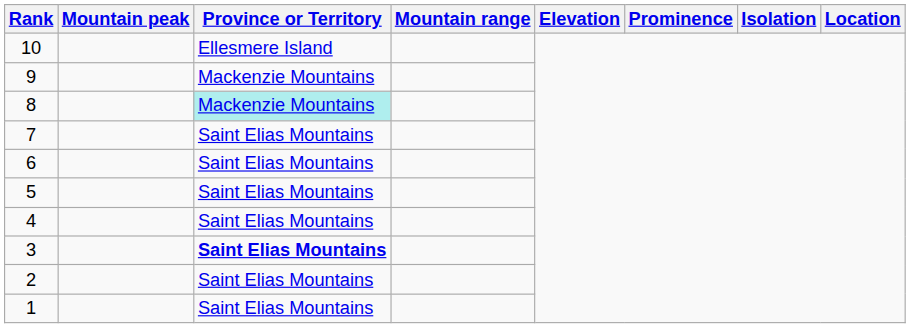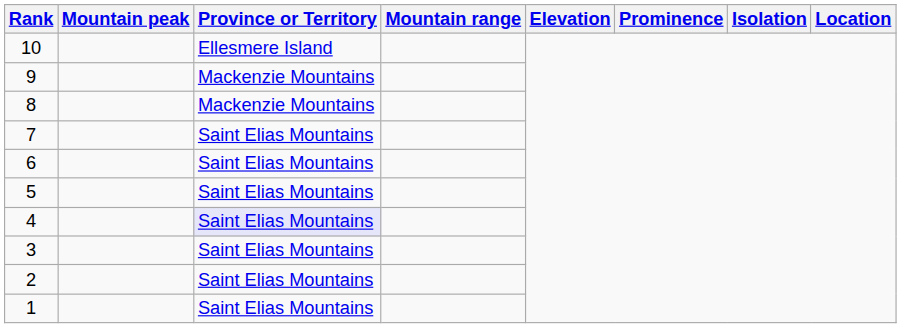 <table class="wikitable sortable">
 <tr>
 <th><a href='#'>Rank</a></th>
 <th><a href='#'>Mountain peak</a></th>
 <th><a href='#'>Province or Territory</a></th>
 <th><a href='#'>Mountain range</a></th>
 <th><a href='#'>Elevation</a></th>
 <th><a href='#'>Prominence</a></th>
 <th><a href='#'>Isolation</a></th>
 <th><a href='#'>Location</a></th>
 </tr>
 <tr>
 <td align=center>10<br></td>
 <td></td>
 <td><a href='#'>Ellesmere Island</a><br></td>
 <td></td>
 </tr>
 <tr>
 <td align=center>9<br></td>
 <td></td>
 <td><a href='#'>Mackenzie Mountains</a><br></td>
 <td></td>
 </tr>
 <tr>
 <td align=center>8<br></td>
 <td></td>
-<td style="background: paleturquoise;"><a href='#'>Mackenzie Mountains</a><br></td>
+<td><a href='#'>Mackenzie Mountains</a><br></td>
 <td></td>
 </tr>
 <tr>
 <td align=center>7<br></td>
 <td></td>
 <td><a href='#'>Saint Elias Mountains</a><br></td>
 <td></td>
 </tr>
 <tr>
 <td align=center>6<br></td>
 <td></td>
 <td><a href='#'>Saint Elias Mountains</a><br></td>
 <td></td>
 </tr>
 <tr>
 <td align=center>5<br></td>
 <td></td>
 <td><a href='#'>Saint Elias Mountains</a><br></td>
 <td></td>
 </tr>
 <tr>
 <td align=center>4<br></td>
 <td></td>
-<td><a href='#'>Saint Elias Mountains</a><br></td>
+<td style="background: lavender;"><a href='#'>Saint Elias Mountains</a><br></td>
 <td></td>
 </tr>
 <tr>
 <td align=center>3<br></td>
 <td></td>
-<td><strong><a href='#'>Saint Elias Mountains</a><br></strong></td>
+<td><a href='#'>Saint Elias Mountains</a><br></td>
 <td></td>
 </tr>
 <tr>
 <td align=center>2<br></td>
 <td></td>
 <td><a href='#'>Saint Elias Mountains</a><br></td>
 <td></td>
 </tr>
 <tr>
 <td align=center>1<br></td>
 <td></td>
 <td><a href='#'>Saint Elias Mountains</a><br></td>
 <td></td>
 </tr>
 </table>
